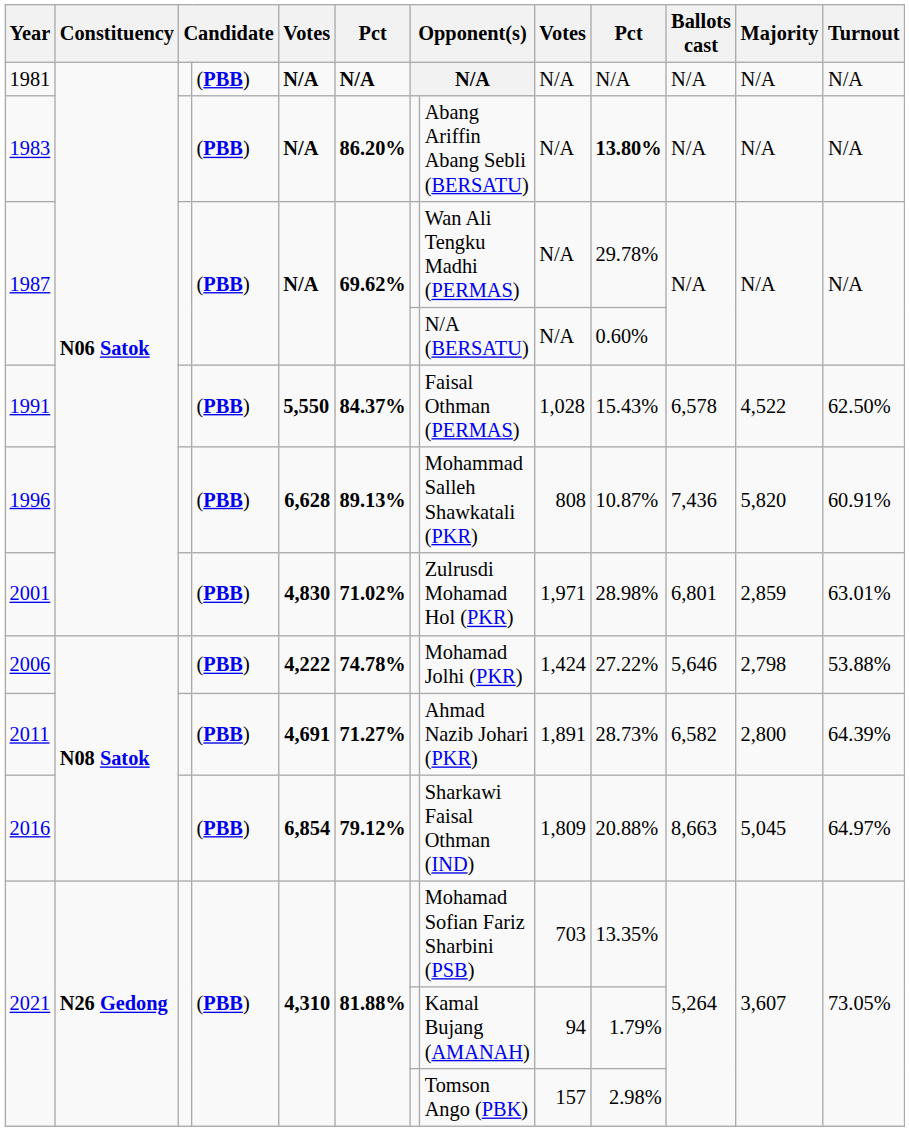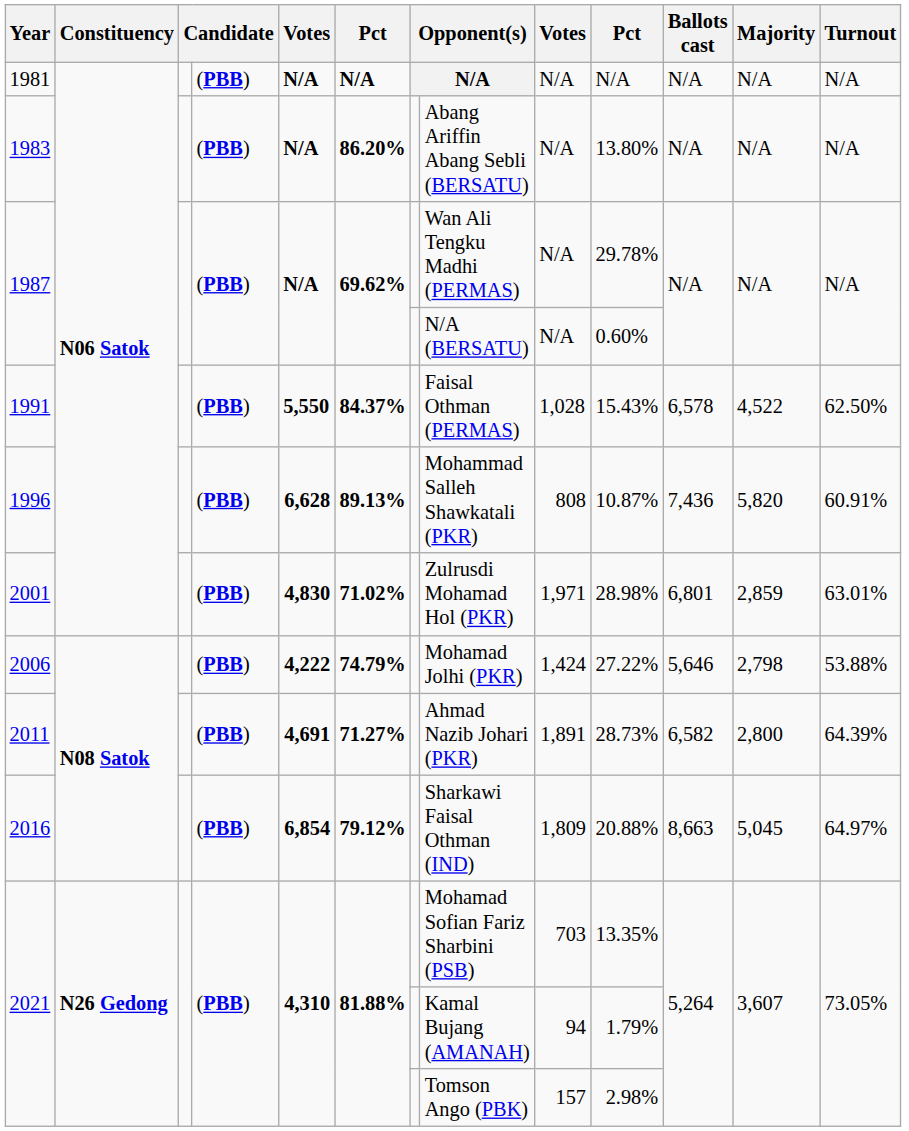 <table class="wikitable" style="margin:0.5em ; font-size:95%">
 <tr>
 <th>Year</th>
 <th>Constituency</th>
 <th colspan=2>Candidate</th>
 <th>Votes</th>
 <th>Pct</th>
 <th colspan=2>Opponent(s)</th>
 <th>Votes</th>
 <th>Pct</th>
 <th>Ballots cast</th>
 <th>Majority</th>
 <th>Turnout</th>
 </tr>
 <tr>
 <td>1981</td>
 <td rowspan=7><strong>N06 <a href='#'>Satok</a></strong></td>
 <td></td>
 <td> (<a href='#'><strong>PBB</strong></a>)</td>
 <td><strong>N/A</strong></td>
 <td><strong>N/A</strong></td>
 <th colspan=2>N/A</th>
 <td>N/A</td>
 <td>N/A</td>
 <td>N/A</td>
 <td>N/A</td>
 <td>N/A</td>
 </tr>
 <tr>
 <td><a href='#'>1983</a></td>
 <td></td>
 <td> (<a href='#'><strong>PBB</strong></a>)</td>
 <td><strong>N/A</strong></td>
 <td><strong>86.20%</strong></td>
 <td></td>
 <td>Abang Ariffin Abang Sebli (<a href='#'>BERSATU</a>)</td>
 <td>N/A</td>
-<td><strong>13.80%</strong></td>
+<td>13.80%</td>
 <td>N/A</td>
 <td>N/A</td>
 <td>N/A</td>
 </tr>
 <tr>
 <td rowspan="2"><a href='#'>1987</a></td>
 <td rowspan="2" ></td>
 <td rowspan="2"> (<a href='#'><strong>PBB</strong></a>)</td>
 <td rowspan="2"><strong>N/A</strong></td>
 <td rowspan="2"><strong>69.62%</strong></td>
 <td></td>
 <td>Wan Ali Tengku Madhi (<a href='#'>PERMAS</a>)</td>
 <td>N/A</td>
 <td>29.78%</td>
 <td rowspan="2">N/A</td>
 <td rowspan="2">N/A</td>
 <td rowspan="2">N/A</td>
 </tr>
 <tr>
 <td></td>
 <td>N/A (<a href='#'>BERSATU</a>)</td>
 <td>N/A</td>
 <td>0.60%</td>
 </tr>
 <tr>
 <td><a href='#'>1991</a></td>
 <td></td>
 <td> (<a href='#'><strong>PBB</strong></a>)</td>
 <td><strong>5,550</strong></td>
 <td><strong>84.37%</strong></td>
 <td></td>
 <td>Faisal Othman (<a href='#'>PERMAS</a>)</td>
 <td>1,028</td>
 <td>15.43%</td>
 <td>6,578</td>
 <td>4,522</td>
 <td>62.50%</td>
 </tr>
 <tr>
 <td><a href='#'>1996</a></td>
 <td></td>
 <td> (<a href='#'><strong>PBB</strong></a>)</td>
 <td align=right><strong>6,628</strong></td>
 <td><strong>89.13%</strong></td>
 <td></td>
 <td>Mohammad Salleh Shawkatali (<a href='#'>PKR</a>)</td>
 <td align=right>808</td>
 <td>10.87%</td>
 <td>7,436</td>
 <td>5,820</td>
 <td>60.91%</td>
 </tr>
 <tr>
 <td><a href='#'>2001</a></td>
 <td></td>
 <td> (<a href='#'><strong>PBB</strong></a>)</td>
 <td align=right><strong>4,830</strong></td>
 <td><strong>71.02%</strong></td>
 <td></td>
 <td>Zulrusdi Mohamad Hol (<a href='#'>PKR</a>)</td>
 <td align=right>1,971</td>
 <td>28.98%</td>
 <td>6,801</td>
 <td>2,859</td>
 <td>63.01%</td>
 </tr>
 <tr>
 <td><a href='#'>2006</a></td>
 <td rowspan=3><strong>N08 <a href='#'>Satok</a></strong></td>
 <td></td>
 <td> (<a href='#'><strong>PBB</strong></a>)</td>
 <td align=right><strong>4,222</strong></td>
-<td><strong>74.78%</strong></td>
+<td><strong>74.79%</strong></td>
 <td></td>
 <td>Mohamad Jolhi (<a href='#'>PKR</a>)</td>
 <td align=right>1,424</td>
 <td>27.22%</td>
 <td>5,646</td>
 <td>2,798</td>
 <td>53.88%</td>
 </tr>
 <tr>
 <td><a href='#'>2011</a></td>
 <td></td>
 <td> (<a href='#'><strong>PBB</strong></a>)</td>
 <td align=right><strong>4,691</strong></td>
 <td><strong>71.27%</strong></td>
 <td></td>
 <td>Ahmad Nazib Johari (<a href='#'>PKR</a>)</td>
 <td align=right>1,891</td>
 <td>28.73%</td>
 <td>6,582</td>
 <td>2,800</td>
 <td>64.39%</td>
 </tr>
 <tr>
 <td><a href='#'>2016</a></td>
 <td></td>
 <td> (<a href='#'><strong>PBB</strong></a>)</td>
 <td align=right><strong>6,854</strong></td>
 <td><strong>79.12%</strong></td>
 <td></td>
 <td>Sharkawi Faisal Othman (<a href='#'>IND</a>)</td>
 <td align=right>1,809</td>
 <td>20.88%</td>
 <td>8,663</td>
 <td>5,045</td>
 <td>64.97%</td>
 </tr>
 <tr>
 <td rowspan=3><a href='#'>2021</a></td>
 <td rowspan=3><strong>N26 <a href='#'>Gedong</a></strong></td>
 <td rowspan=3 ></td>
 <td rowspan=3> (<a href='#'><strong>PBB</strong></a>)</td>
 <td rowspan=3 style="text-align:right"><strong>4,310</strong></td>
 <td rowspan=3><strong>81.88%</strong></td>
 <td style="background:"></td>
 <td>Mohamad Sofian Fariz Sharbini (<a href='#'>PSB</a>)</td>
 <td style="text-align:right">703</td>
 <td>13.35%</td>
 <td rowspan=3>5,264</td>
 <td rowspan=3>3,607</td>
 <td rowspan=3>73.05%</td>
 </tr>
 <tr>
 <td style="background:"></td>
 <td>Kamal Bujang (<a href='#'>AMANAH</a>)</td>
 <td style="text-align:right">94</td>
 <td style="text-align:right">1.79%</td>
 </tr>
 <tr>
 <td style="background:"></td>
 <td>Tomson Ango (<a href='#'>PBK</a>)</td>
 <td style="text-align:right">157</td>
 <td style="text-align:right">2.98%</td>
 </tr>
 </table>
